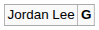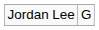 <table class="wikitable" style="text-align: center">
 <tr align=center>
 </tr>
 <tr>
 <td>Jordan Lee</td>
-<td><strong>G</strong></td>
+<td>G</td>
 </tr>
 <tr>
 </tr>
 </table>
